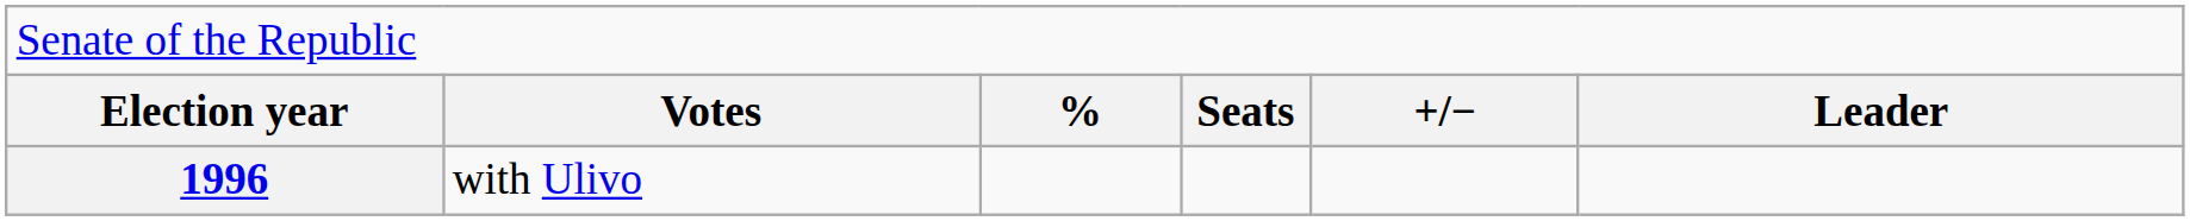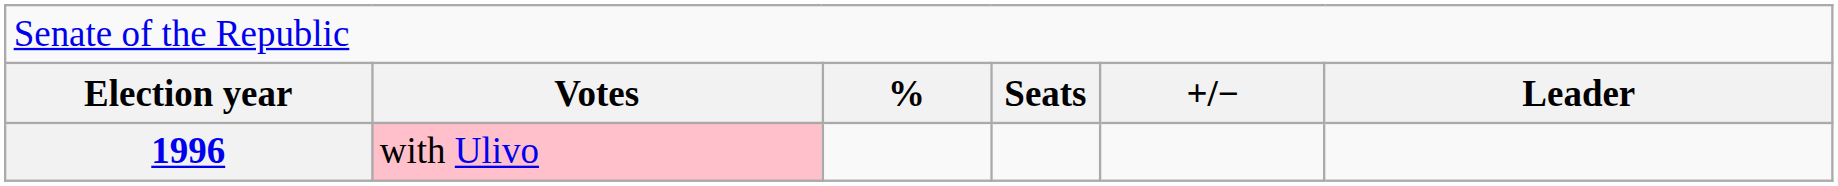 <table class=wikitable style="width:50%; border:1px #AAAAFF solid">
 <tr>
 <td colspan=6><a href='#'>Senate of the Republic</a></td>
 </tr>
 <tr>
 <th width=13%>Election year</th>
 <th width=16%>Votes</th>
 <th width=6%>%</th>
 <th width=1%>Seats</th>
 <th width=8%>+/−</th>
 <th width=18%>Leader</th>
 </tr>
 <tr>
 <th><a href='#'>1996</a></th>
-<td>with <a href='#'>Ulivo</a></td>
+<td style="background: pink;">with <a href='#'>Ulivo</a></td>
 <td></td>
 <td></td>
 <td></td>
 <td></td>
 </tr>
 </table>
